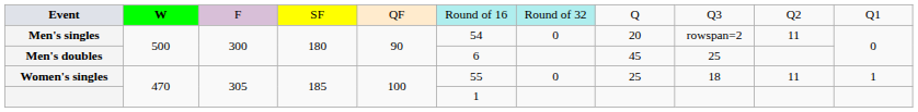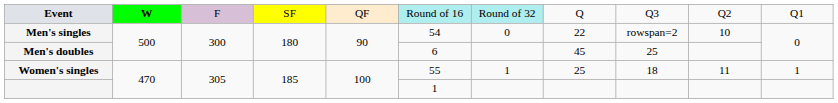 <table class=wikitable style=font-size:90%;text-align:center>
 <tr>
 <td style="width:130px; background:#dfe2e9;"><strong>Event</strong></td>
 <td style="width:80px; background:lime;"><strong>W</strong></td>
 <td style="width:85px; background:thistle;">F</td>
 <td style="width:85px; background:#ff0;">SF</td>
 <td style="width:85px; background:#ffebcd;">QF</td>
 <td style="width:85px; background:#afeeee;">Round of 16</td>
 <td style="width:85px; background:#afeeee;">Round of 32</td>
 <td width=85>Q</td>
 <td width=85>Q3</td>
 <td width=85>Q2</td>
 <td width=85>Q1</td>
 </tr>
 <tr>
 <th style="background:#f4f4f4;">Men's singles</th>
 <td rowspan=2>500</td>
 <td rowspan=2>300</td>
 <td rowspan=2>180</td>
 <td rowspan=2>90</td>
 <td>54</td>
 <td>0</td>
-<td>20</td>
+<td>22</td>
 <td>rowspan=2 </td>
-<td>11</td>
+<td>10</td>
 <td rowspan=2>0</td>
 </tr>
 <tr>
 <th style="background:#f4f4f4;">Men's doubles</th>
 <td>6</td>
 <td></td>
 <td>45</td>
 <td>25</td>
 </tr>
 <tr>
 <th style="background:#f4f4f4;">Women's singles</th>
 <td rowspan=2>470</td>
 <td rowspan=2>305</td>
 <td rowspan=2>185</td>
 <td rowspan=2>100</td>
 <td>55</td>
-<td>0</td>
+<td>1</td>
 <td>25</td>
 <td>18</td>
 <td>11</td>
 <td>1</td>
 </tr>
 <tr>
 <th style="background:#f4f4f4;"></th>
 <td>1</td>
 <td></td>
 <td></td>
 <td></td>
 <td></td>
 <td></td>
 </tr>
 </table>
